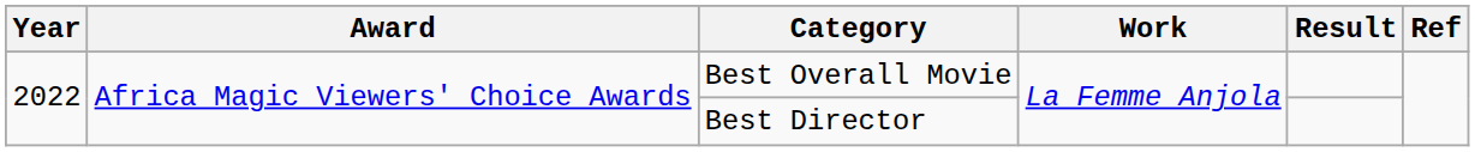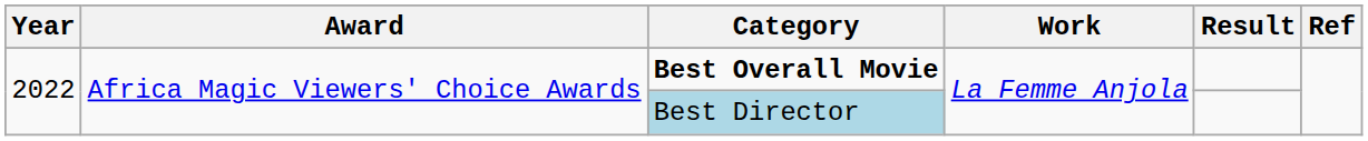 <table class="wikitable">
 <tr>
 <th>Year</th>
 <th>Award</th>
 <th>Category</th>
 <th>Work</th>
 <th>Result</th>
 <th>Ref</th>
 </tr>
 <tr>
 <td rowspan="2">2022</td>
 <td rowspan="2"><a href='#'>Africa Magic Viewers' Choice Awards</a></td>
-<td>Best Overall Movie</td>
+<td><strong>Best Overall Movie</strong></td>
 <td rowspan="2"><em><a href='#'>La Femme Anjola</a></em></td>
 <td></td>
 <td rowspan="2"></td>
 </tr>
 <tr>
-<td>Best Director</td>
+<td style="background: lightblue;">Best Director</td>
 <td></td>
 </tr>
 </table>
